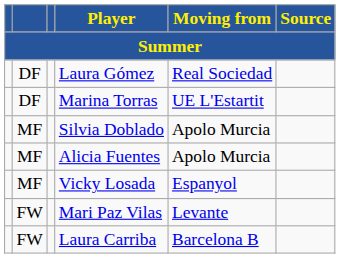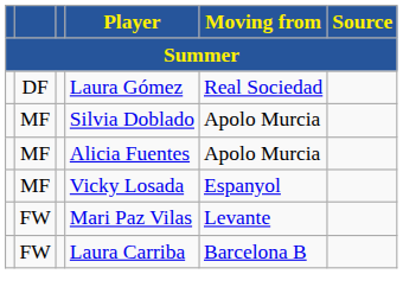 <table class="wikitable plainrowheaders sortable" style="text-align:center">
 <tr>
 <th style="background:#26559B; color:#FFF000; "></th>
 <th style="background:#26559B; color:#FFF000; "></th>
 <th style="background:#26559B; color:#FFF000; "></th>
 <th style="background:#26559B; color:#FFF000; ">Player</th>
 <th style="background:#26559B; color:#FFF000; ">Moving from</th>
 <th style="background:#26559B; color:#FFF000; ">Source</th>
 </tr>
 <tr>
 <th colspan="6" style="background:#26559B; color:#FFF000; ">Summer</th>
 </tr>
 <tr>
 <td></td>
 <td>DF</td>
 <td></td>
 <td align="left"><a href='#'>Laura Gómez</a></td>
 <td align="left"><a href='#'>Real Sociedad</a></td>
-<td></td>
-</tr>
-<tr>
-<td></td>
-<td>DF</td>
-<td></td>
-<td align="left"><a href='#'>Marina Torras</a></td>
-<td align="left"><a href='#'>UE L'Estartit</a></td>
 <td></td>
 </tr>
 <tr>
 <td></td>
 <td>MF</td>
 <td></td>
 <td align="left"><a href='#'>Silvia Doblado</a></td>
 <td align="left">Apolo Murcia</td>
 <td></td>
 </tr>
 <tr>
 <td></td>
 <td>MF</td>
 <td></td>
 <td align="left"><a href='#'>Alicia Fuentes</a></td>
 <td align="left">Apolo Murcia</td>
 <td></td>
 </tr>
 <tr>
 <td></td>
 <td>MF</td>
 <td></td>
 <td align="left"><a href='#'>Vicky Losada</a></td>
 <td align="left"><a href='#'>Espanyol</a></td>
 <td></td>
 </tr>
 <tr>
 <td></td>
 <td>FW</td>
 <td></td>
 <td align="left"><a href='#'>Mari Paz Vilas</a></td>
 <td align="left"><a href='#'>Levante</a></td>
 <td></td>
 </tr>
 <tr>
 <td></td>
 <td>FW</td>
 <td></td>
 <td align="left"><a href='#'>Laura Carriba</a></td>
 <td align="left"><a href='#'>Barcelona B</a></td>
 <td></td>
 </tr>
 </table>
